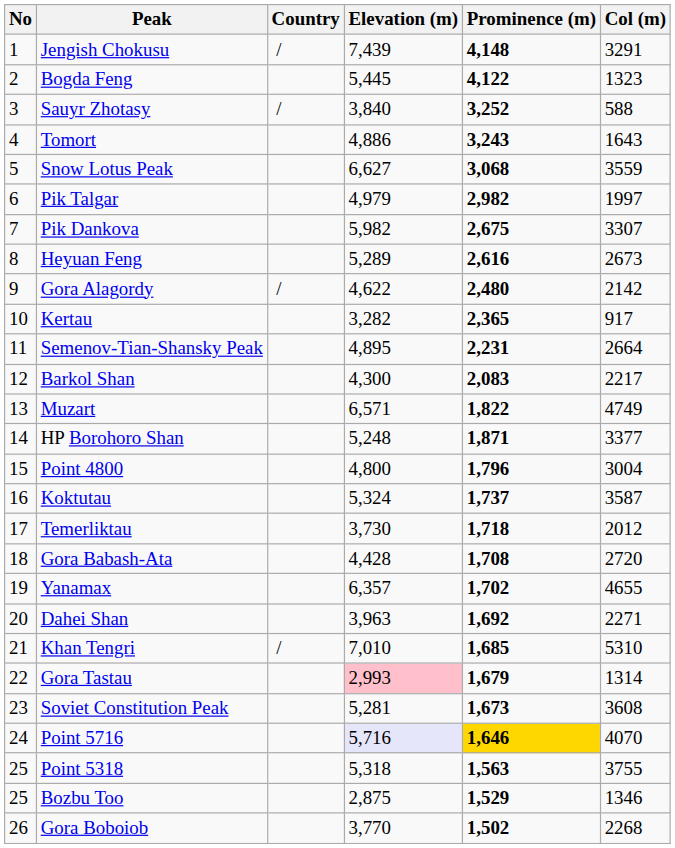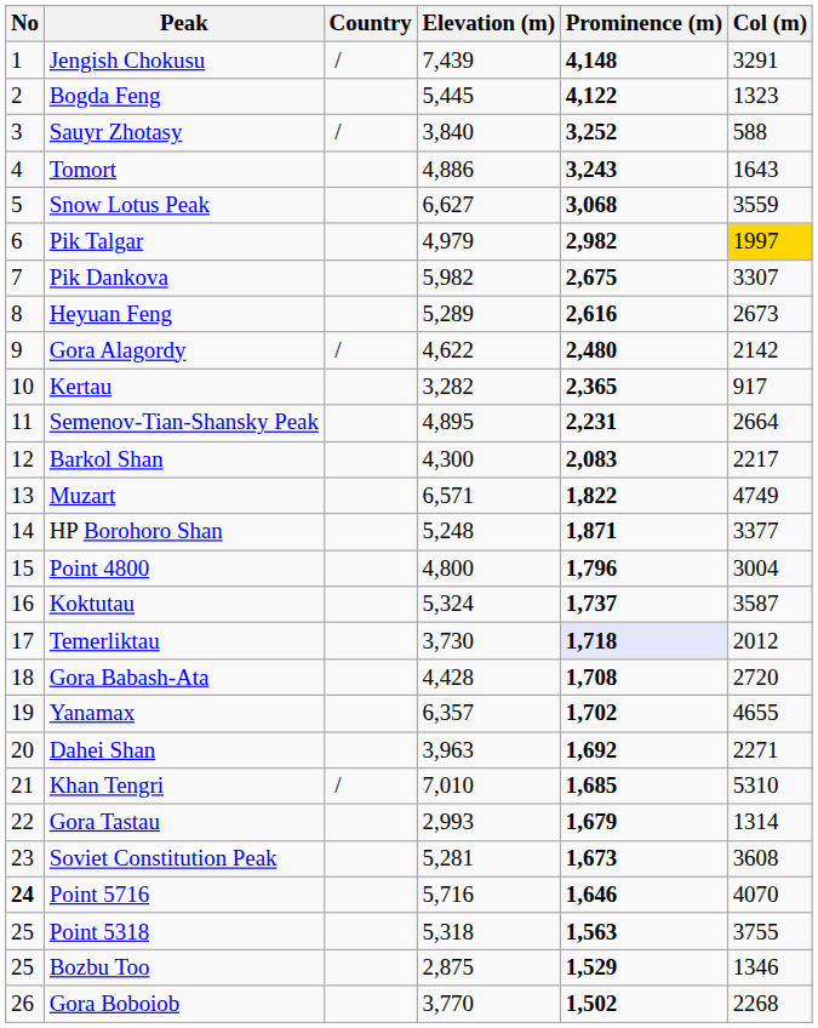 <table class="wikitable sortable">
 <tr>
 <th>No</th>
 <th>Peak</th>
 <th>Country</th>
 <th>Elevation (m)</th>
 <th>Prominence (m)</th>
 <th>Col (m)</th>
 </tr>
 <tr>
 <td>1</td>
 <td><a href='#'>Jengish Chokusu</a></td>
 <td> / </td>
 <td>7,439</td>
 <td><strong>4,148</strong></td>
 <td>3291</td>
 </tr>
 <tr>
 <td>2</td>
 <td><a href='#'>Bogda Feng</a></td>
 <td></td>
 <td>5,445</td>
 <td><strong>4,122</strong></td>
 <td>1323</td>
 </tr>
 <tr>
 <td>3</td>
 <td><a href='#'>Sauyr Zhotasy</a></td>
 <td> / </td>
 <td>3,840</td>
 <td><strong>3,252</strong></td>
 <td>588</td>
 </tr>
 <tr>
 <td>4</td>
 <td><a href='#'>Tomort</a></td>
 <td></td>
 <td>4,886</td>
 <td><strong>3,243</strong></td>
 <td>1643</td>
 </tr>
 <tr>
 <td>5</td>
 <td><a href='#'>Snow Lotus Peak</a></td>
 <td></td>
 <td>6,627</td>
 <td><strong>3,068</strong></td>
 <td>3559</td>
 </tr>
 <tr>
 <td>6</td>
 <td><a href='#'>Pik Talgar</a></td>
 <td></td>
 <td>4,979</td>
 <td><strong>2,982</strong></td>
-<td>1997</td>
+<td style="background: gold;">1997</td>
 </tr>
 <tr>
 <td>7</td>
 <td><a href='#'>Pik Dankova</a></td>
 <td></td>
 <td>5,982</td>
 <td><strong>2,675</strong></td>
 <td>3307</td>
 </tr>
 <tr>
 <td>8</td>
 <td><a href='#'>Heyuan Feng</a></td>
 <td></td>
 <td>5,289</td>
 <td><strong>2,616</strong></td>
 <td>2673</td>
 </tr>
 <tr>
 <td>9</td>
 <td><a href='#'>Gora Alagordy</a></td>
 <td> / </td>
 <td>4,622</td>
 <td><strong>2,480</strong></td>
 <td>2142</td>
 </tr>
 <tr>
 <td>10</td>
 <td><a href='#'>Kertau</a></td>
 <td></td>
 <td>3,282</td>
 <td><strong>2,365</strong></td>
 <td>917</td>
 </tr>
 <tr>
 <td>11</td>
 <td><a href='#'>Semenov-Tian-Shansky Peak</a></td>
 <td></td>
 <td>4,895</td>
 <td><strong>2,231</strong></td>
 <td>2664</td>
 </tr>
 <tr>
 <td>12</td>
 <td><a href='#'>Barkol Shan</a></td>
 <td></td>
 <td>4,300</td>
 <td><strong>2,083</strong></td>
 <td>2217</td>
 </tr>
 <tr>
 <td>13</td>
 <td><a href='#'>Muzart</a></td>
 <td></td>
 <td>6,571</td>
 <td><strong>1,822</strong></td>
 <td>4749</td>
 </tr>
 <tr>
 <td>14</td>
 <td>HP <a href='#'>Borohoro Shan</a></td>
 <td></td>
 <td>5,248</td>
 <td><strong>1,871</strong></td>
 <td>3377</td>
 </tr>
 <tr>
 <td>15</td>
 <td><a href='#'>Point 4800</a></td>
 <td></td>
 <td>4,800</td>
 <td><strong>1,796</strong></td>
 <td>3004</td>
 </tr>
 <tr>
 <td>16</td>
 <td><a href='#'>Koktutau</a></td>
 <td></td>
 <td>5,324</td>
 <td><strong>1,737</strong></td>
 <td>3587</td>
 </tr>
 <tr>
 <td>17</td>
 <td><a href='#'>Temerliktau</a></td>
 <td></td>
 <td>3,730</td>
-<td><strong>1,718</strong></td>
+<td style="background: lavender;"><strong>1,718</strong></td>
 <td>2012</td>
 </tr>
 <tr>
 <td>18</td>
 <td><a href='#'>Gora Babash-Ata</a></td>
 <td></td>
 <td>4,428</td>
 <td><strong>1,708</strong></td>
 <td>2720</td>
 </tr>
 <tr>
 <td>19</td>
 <td><a href='#'>Yanamax</a></td>
 <td></td>
 <td>6,357</td>
 <td><strong>1,702</strong></td>
 <td>4655</td>
 </tr>
 <tr>
 <td>20</td>
 <td><a href='#'>Dahei Shan</a></td>
 <td></td>
 <td>3,963</td>
 <td><strong>1,692</strong></td>
 <td>2271</td>
 </tr>
 <tr>
 <td>21</td>
 <td><a href='#'>Khan Tengri</a></td>
 <td> / </td>
 <td>7,010</td>
 <td><strong>1,685</strong></td>
 <td>5310</td>
 </tr>
 <tr>
 <td>22</td>
 <td><a href='#'>Gora Tastau</a></td>
 <td></td>
-<td style="background: pink;">2,993</td>
+<td>2,993</td>
 <td><strong>1,679</strong></td>
 <td>1314</td>
 </tr>
 <tr>
 <td>23</td>
 <td><a href='#'>Soviet Constitution Peak</a></td>
 <td></td>
 <td>5,281</td>
 <td><strong>1,673</strong></td>
 <td>3608</td>
 </tr>
 <tr>
-<td>24</td>
+<td><strong>24</strong></td>
 <td><a href='#'>Point 5716</a></td>
 <td></td>
-<td style="background: lavender;">5,716</td>
-<td style="background: gold;"><strong>1,646</strong></td>
+<td>5,716</td>
+<td><strong>1,646</strong></td>
 <td>4070</td>
 </tr>
 <tr>
 <td>25</td>
 <td><a href='#'>Point 5318</a></td>
 <td></td>
 <td>5,318</td>
 <td><strong>1,563</strong></td>
 <td>3755</td>
 </tr>
 <tr>
 <td>25</td>
 <td><a href='#'>Bozbu Too</a></td>
 <td></td>
 <td>2,875</td>
 <td><strong>1,529</strong></td>
 <td>1346</td>
 </tr>
 <tr>
 <td>26</td>
 <td><a href='#'>Gora Boboiob</a></td>
 <td></td>
 <td>3,770</td>
 <td><strong>1,502</strong></td>
 <td>2268</td>
 </tr>
 <tr>
 </tr>
 </table>
